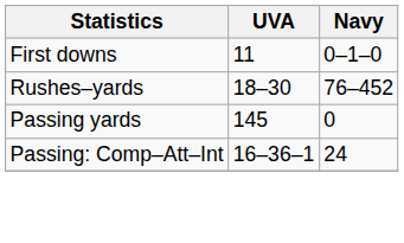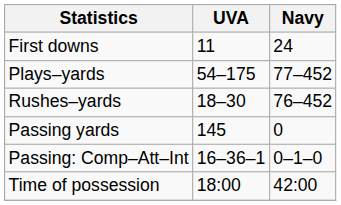 <table class="wikitable">
 <tr>
 <th>Statistics</th>
 <th>UVA</th>
 <th>Navy</th>
 </tr>
 <tr>
 <td>First downs</td>
 <td>11</td>
-<td>0–1–0</td>
+<td>24</td>
+</tr>
+<tr>
+<td>Plays–yards</td>
+<td>54–175</td>
+<td>77–452</td>
 </tr>
 <tr>
 <td>Rushes–yards</td>
 <td>18–30</td>
 <td>76–452</td>
 </tr>
 <tr>
 <td>Passing yards</td>
 <td>145</td>
 <td>0</td>
 </tr>
 <tr>
 <td>Passing: Comp–Att–Int</td>
 <td>16–36–1</td>
-<td>24</td>
+<td>0–1–0</td>
+</tr>
+<tr>
+<td>Time of possession</td>
+<td>18:00</td>
+<td>42:00</td>
 </tr>
 <tr>
 </tr>
 </table>
